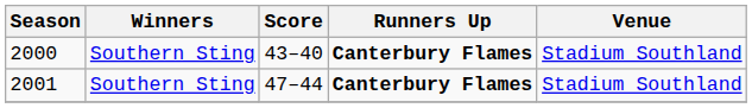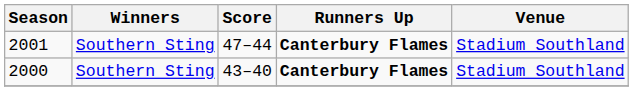 <table class="wikitable collapsible">
 <tr>
 <th>Season</th>
 <th>Winners</th>
 <th>Score</th>
 <th>Runners Up</th>
 <th>Venue</th>
 </tr>
 <tr>
+<td>2001</td>
+<td><a href='#'>Southern Sting</a></td>
+<td>47–44</td>
+<td><strong>Canterbury Flames</strong></td>
+<td><a href='#'>Stadium Southland</a></td>
+</tr>
+<tr>
 <td>2000</td>
 <td><a href='#'>Southern Sting</a></td>
 <td>43–40</td>
 <td><strong>Canterbury Flames</strong></td>
 <td><a href='#'>Stadium Southland</a></td>
 </tr>
 <tr>
-<td>2001</td>
-<td><a href='#'>Southern Sting</a></td>
-<td>47–44</td>
-<td><strong>Canterbury Flames</strong></td>
-<td><a href='#'>Stadium Southland</a></td>
-</tr>
-<tr>
 </tr>
 </table>
